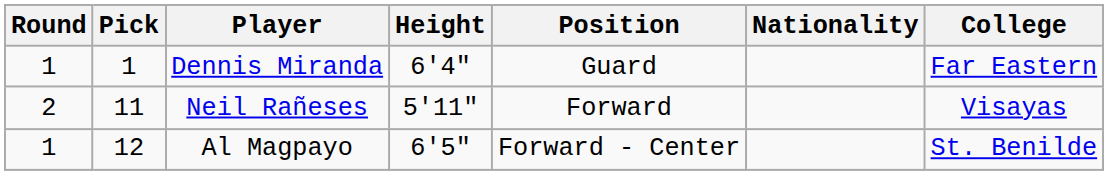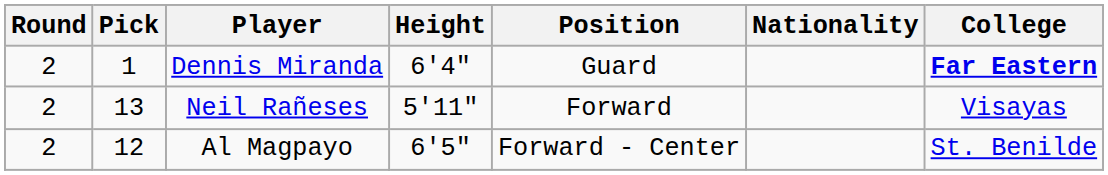 <table class="wikitable sortable sortable">
 <tr>
 <th>Round</th>
 <th>Pick</th>
 <th>Player</th>
 <th>Height</th>
 <th>Position</th>
 <th>Nationality</th>
 <th>College</th>
 </tr>
 <tr style="text-align: center">
-<td>1</td>
+<td>2</td>
 <td>1</td>
 <td><a href='#'>Dennis Miranda</a></td>
 <td>6'4"</td>
 <td>Guard</td>
 <td></td>
-<td><a href='#'>Far Eastern</a></td>
+<td><strong><a href='#'>Far Eastern</a></strong></td>
 </tr>
 <tr style="text-align: center">
 <td>2</td>
-<td>11</td>
+<td>13</td>
 <td><a href='#'>Neil Rañeses</a></td>
 <td>5'11"</td>
 <td>Forward</td>
 <td></td>
 <td><a href='#'>Visayas</a></td>
 </tr>
 <tr style="text-align: center">
-<td>1</td>
+<td>2</td>
 <td>12</td>
 <td>Al Magpayo</td>
 <td>6'5"</td>
 <td>Forward - Center</td>
 <td></td>
 <td><a href='#'>St. Benilde</a></td>
 </tr>
 </table>
